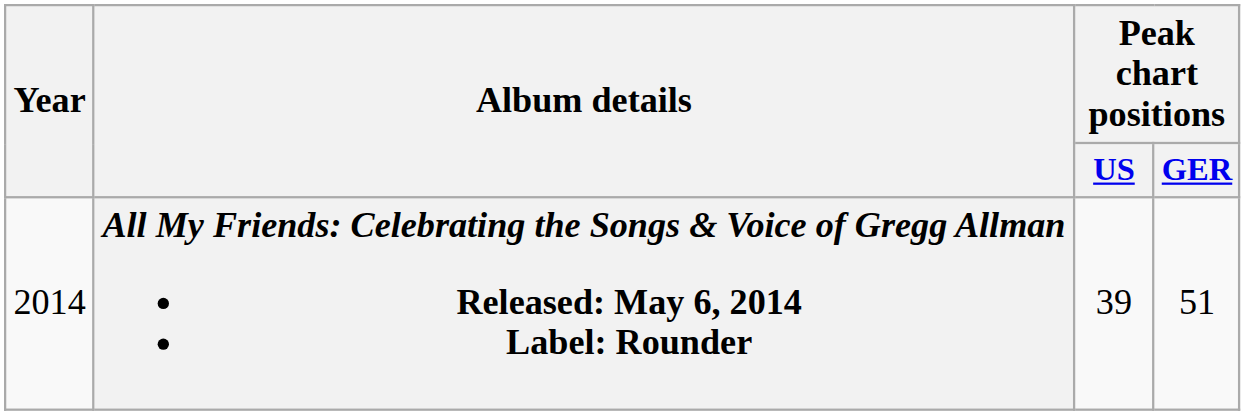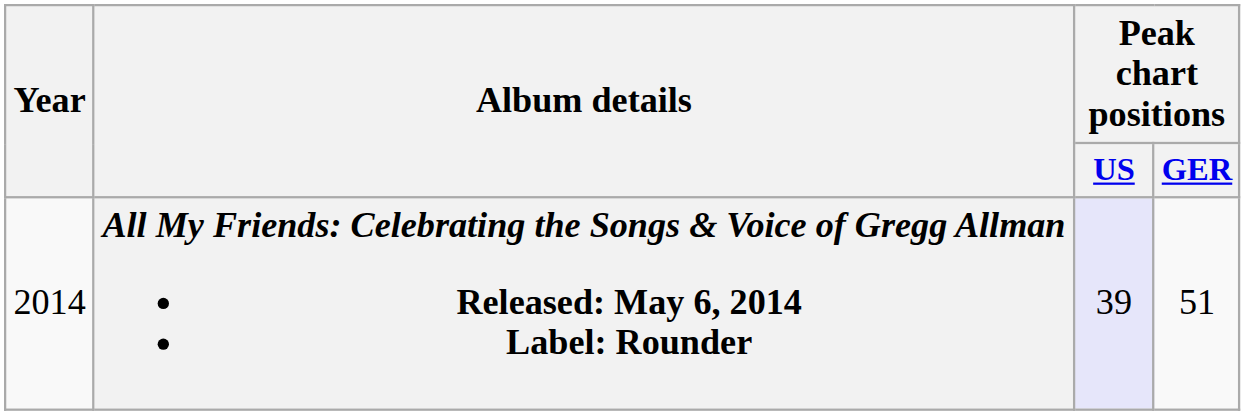 <table class="wikitable plainrowheaders" style="text-align:center;" border="1">
 <tr>
 <th scope="col" rowspan="2">Year</th>
 <th scope="col" rowspan="2">Album details</th>
 <th scope="col" colspan="2">Peak chart positions</th>
 </tr>
 <tr>
 <th scope="col" style="width:2em;font-size:90%;"><a href='#'>US</a><br></th>
 <th scope="col" style="width:2em;font-size:90%;"><a href='#'>GER</a><br></th>
 </tr>
 <tr>
 <td align="center">2014</td>
 <th scope="row"><em>All My Friends: Celebrating the Songs & Voice of Gregg Allman</em><br><ul><li>Released: May 6, 2014</li><li>Label: Rounder</li></ul></th>
-<td>39</td>
+<td style="background: lavender;">39</td>
 <td>51</td>
 </tr>
 </table>
